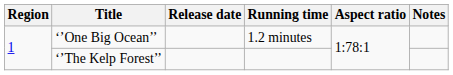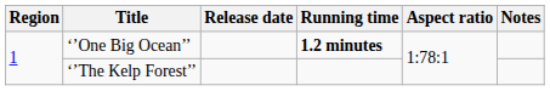 <table class="wikitable">
 <tr>
 <th>Region</th>
 <th>Title</th>
 <th>Release date</th>
 <th>Running time</th>
 <th>Aspect ratio</th>
 <th>Notes</th>
 </tr>
 <tr>
 <td rowspan=2><a href='#'>1</a></td>
 <td>‘’One Big Ocean’’</td>
 <td></td>
-<td>1.2 minutes</td>
+<td><strong>1.2 minutes</strong></td>
 <td rowspan=2>1:78:1</td>
 <td></td>
 </tr>
 <tr>
 <td>‘’The Kelp Forest’’</td>
 <td></td>
 <td></td>
 <td></td>
 </tr>
 </table>
